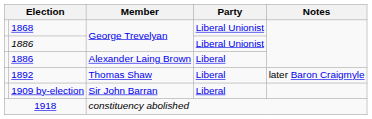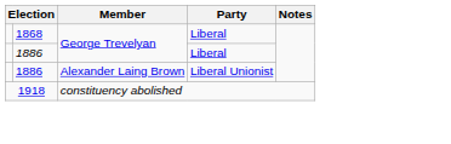 <table class="wikitable">
 <tr>
 <th colspan="2">Election</th>
 <th>Member</th>
 <th>Party</th>
 <th>Notes</th>
 </tr>
 <tr>
 <td style="color:inherit;background-color: "></td>
 <td><a href='#'>1868</a></td>
 <td rowspan="2"><a href='#'>George Trevelyan</a></td>
-<td><a href='#'>Liberal Unionist</a></td>
+<td><a href='#'>Liberal</a></td>
 </tr>
 <tr>
 <td style="color:inherit;background-color: "></td>
 <td><em>1886</em></td>
-<td><a href='#'>Liberal Unionist</a></td>
+<td><a href='#'>Liberal</a></td>
 </tr>
 <tr>
 <td style="color:inherit;background-color: "></td>
 <td><a href='#'>1886</a></td>
 <td><a href='#'>Alexander Laing Brown</a></td>
-<td><a href='#'>Liberal</a></td>
-</tr>
-<tr>
-<td style="color:inherit;background-color: "></td>
-<td><a href='#'>1892</a></td>
-<td><a href='#'>Thomas Shaw</a></td>
-<td><a href='#'>Liberal</a></td>
-<td>later <a href='#'>Baron Craigmyle</a></td>
-</tr>
-<tr>
-<td style="color:inherit;background-color: "></td>
-<td><a href='#'>1909 by-election</a></td>
-<td><a href='#'>Sir John Barran</a></td>
-<td><a href='#'>Liberal</a></td>
-<td></td>
+<td><a href='#'>Liberal Unionist</a></td>
 </tr>
 <tr>
 <td colspan="2" align="center"><a href='#'>1918</a></td>
 <td colspan="3"><em>constituency abolished</em></td>
 </tr>
 </table>
